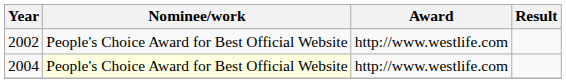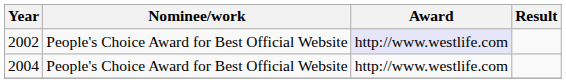 <table class="wikitable">
 <tr>
 <th>Year</th>
 <th>Nominee/work</th>
 <th>Award</th>
 <th>Result</th>
 </tr>
 <tr>
 <td>2002</td>
 <td>People's Choice Award for Best Official Website</td>
-<td>http://www.westlife.com</td>
+<td style="background: lavender;">http://www.westlife.com</td>
 <td></td>
 </tr>
 <tr>
 <td>2004</td>
-<td style="background: lightyellow;">People's Choice Award for Best Official Website</td>
+<td>People's Choice Award for Best Official Website</td>
 <td>http://www.westlife.com</td>
 <td></td>
 </tr>
 <tr>
 </tr>
 </table>
